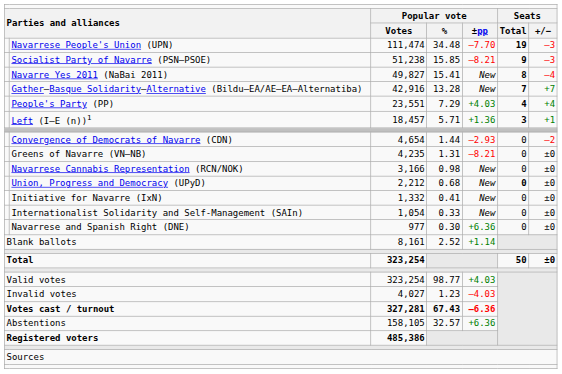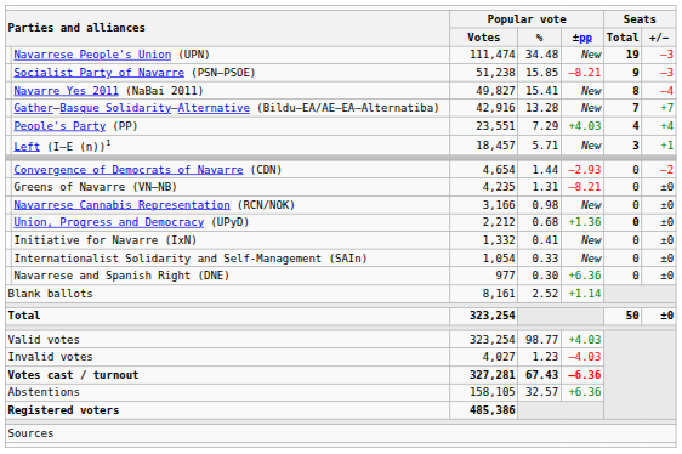 <table class="wikitable" style="text-align:right;">
 <tr>
 <td colspan="7"></td>
 </tr>
 <tr>
 <th style="text-align:left;" rowspan="2" colspan="2" width="525">Parties and alliances</th>
 <th colspan="3">Popular vote</th>
 <th colspan="2">Seats</th>
 </tr>
 <tr>
 <th width="75">Votes</th>
 <th width="45">%</th>
 <th width="45">±<a href='#'>pp</a></th>
 <th width="35">Total</th>
 <th width="35">+/−</th>
 </tr>
 <tr>
 <td width="1" style="color:inherit;background:"></td>
 <td align="left"><a href='#'>Navarrese People's Union</a> (UPN)</td>
 <td>111,474</td>
 <td>34.48</td>
-<td style="color:red;">–7.70</td>
+<td><em>New</em></td>
 <td><strong>19</strong></td>
 <td style="color:red;">–3</td>
 </tr>
 <tr>
 <td style="color:inherit;background:"></td>
 <td align="left"><a href='#'>Socialist Party of Navarre</a> (PSN–PSOE)</td>
 <td>51,238</td>
 <td>15.85</td>
 <td style="color:red;">–8.21</td>
 <td><strong>9</strong></td>
 <td style="color:red;">–3</td>
 </tr>
 <tr>
 <td style="color:inherit;background:"></td>
 <td align="left"><a href='#'>Navarre Yes 2011</a> (NaBai 2011)</td>
 <td>49,827</td>
 <td>15.41</td>
 <td><em>New</em></td>
 <td><strong>8</strong></td>
 <td style="color:red;">–4</td>
 </tr>
 <tr>
 <td style="color:inherit;background:"></td>
 <td align="left"><a href='#'>Gather</a>–<a href='#'>Basque Solidarity</a>–<a href='#'>Alternative</a> (Bildu–EA/AE–EA–Alternatiba)</td>
 <td>42,916</td>
 <td>13.28</td>
 <td><em>New</em></td>
 <td><strong>7</strong></td>
 <td style="color:green;">+7</td>
 </tr>
 <tr>
 <td style="color:inherit;background:"></td>
 <td align="left"><a href='#'>People's Party</a> (PP)</td>
 <td>23,551</td>
 <td>7.29</td>
 <td style="color:green;">+4.03</td>
 <td><strong>4</strong></td>
 <td style="color:green;">+4</td>
 </tr>
 <tr>
 <td style="color:inherit;background:"></td>
 <td align="left"><a href='#'>Left</a> (I–E (n))<sup>1</sup></td>
 <td>18,457</td>
 <td>5.71</td>
-<td style="color:green;">+1.36</td>
+<td><em>New</em></td>
 <td><strong>3</strong></td>
 <td style="color:green;">+1</td>
 </tr>
 <tr>
 <td colspan="7" bgcolor="#C0C0C0"></td>
 </tr>
 <tr>
 <td style="color:inherit;background:"></td>
 <td align="left"><a href='#'>Convergence of Democrats of Navarre</a> (CDN)</td>
 <td>4,654</td>
 <td>1.44</td>
 <td style="color:red;">–2.93</td>
 <td>0</td>
 <td style="color:red;">–2</td>
 </tr>
 <tr>
 <td style="color:inherit;background:"></td>
 <td align="left">Greens of Navarre (VN–NB)</td>
 <td>4,235</td>
 <td>1.31</td>
 <td style="color:red;">–8.21</td>
 <td>0</td>
 <td>±0</td>
 </tr>
 <tr>
 <td style="color:inherit;background:"></td>
 <td align="left"><a href='#'>Navarrese Cannabis Representation</a> (RCN/NOK)</td>
 <td>3,166</td>
 <td>0.98</td>
 <td><em>New</em></td>
 <td>0</td>
 <td>±0</td>
 </tr>
 <tr>
 <td style="color:inherit;background:"></td>
 <td align="left"><a href='#'>Union, Progress and Democracy</a> (UPyD)</td>
 <td>2,212</td>
 <td>0.68</td>
-<td><em>New</em></td>
+<td style="color:green;">+1.36</td>
 <td><strong>0</strong></td>
 <td>±0</td>
 </tr>
 <tr>
 <td bgcolor="white"></td>
 <td align="left">Initiative for Navarre (IxN)</td>
 <td>1,332</td>
 <td>0.41</td>
 <td><em>New</em></td>
 <td>0</td>
 <td>±0</td>
 </tr>
 <tr>
 <td style="color:inherit;background:"></td>
 <td align="left">Internationalist Solidarity and Self-Management (SAIn)</td>
 <td>1,054</td>
 <td>0.33</td>
 <td><em>New</em></td>
 <td>0</td>
 <td>±0</td>
 </tr>
 <tr>
 <td style="color:inherit;background:"></td>
 <td align="left">Navarrese and Spanish Right (DNE)</td>
 <td>977</td>
 <td>0.30</td>
 <td style="color:green;">+6.36</td>
 <td>0</td>
 <td>±0</td>
 </tr>
 <tr>
 <td align="left" colspan="2">Blank ballots</td>
 <td>8,161</td>
 <td>2.52</td>
 <td style="color:green;">+1.14</td>
 <td bgcolor="#E9E9E9" colspan="2"></td>
 </tr>
 <tr>
 <td colspan="7" bgcolor="#E9E9E9"></td>
 </tr>
 <tr style="font-weight:bold;">
 <td align="left" colspan="2">Total</td>
 <td>323,254</td>
 <td bgcolor="#E9E9E9" colspan="2"></td>
 <td>50</td>
 <td>±0</td>
 </tr>
 <tr>
 <td colspan="7" bgcolor="#E9E9E9"></td>
 </tr>
 <tr>
 <td align="left" colspan="2">Valid votes</td>
 <td>323,254</td>
 <td>98.77</td>
 <td style="color:green;">+4.03</td>
 <td bgcolor="#E9E9E9" colspan="2" rowspan="5"></td>
 </tr>
 <tr>
 <td align="left" colspan="2">Invalid votes</td>
 <td>4,027</td>
 <td>1.23</td>
 <td style="color:red;">–4.03</td>
 </tr>
 <tr style="font-weight:bold;">
 <td align="left" colspan="2">Votes cast / turnout</td>
 <td>327,281</td>
 <td>67.43</td>
 <td style="color:red;">–6.36</td>
 </tr>
 <tr>
 <td align="left" colspan="2">Abstentions</td>
 <td>158,105</td>
 <td>32.57</td>
 <td style="color:green;">+6.36</td>
 </tr>
 <tr style="font-weight:bold;">
 <td align="left" colspan="2">Registered voters</td>
 <td>485,386</td>
 <td bgcolor="#E9E9E9" colspan="2"></td>
 </tr>
 <tr>
 <td colspan="7" bgcolor="#E9E9E9"></td>
 </tr>
 <tr>
 <td align="left" colspan="7">Sources</td>
 </tr>
 <tr>
 <td colspan="7" style="text-align:left; max-width:790px;"></td>
 </tr>
 </table>
